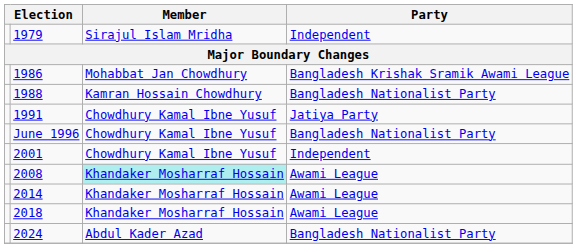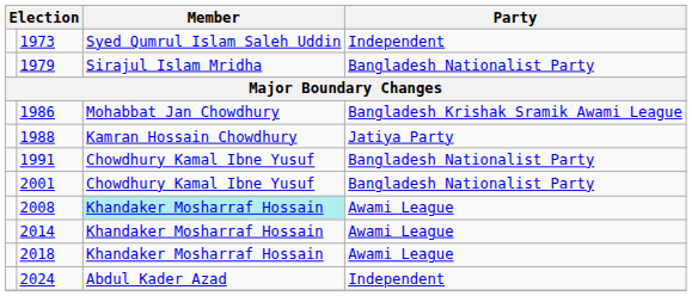 <table class="wikitable">
 <tr>
 <th colspan="2">Election</th>
 <th>Member</th>
 <th>Party</th>
 </tr>
 <tr>
 <td style="background-color:"></td>
+<td><a href='#'>1973</a></td>
+<td><a href='#'>Syed Qumrul Islam Saleh Uddin</a></td>
+<td><a href='#'>Independent</a></td>
+</tr>
+<tr>
+<td style="background-color:"></td>
 <td><a href='#'>1979</a></td>
 <td><a href='#'>Sirajul Islam Mridha</a></td>
-<td><a href='#'>Independent</a></td>
+<td><a href='#'>Bangladesh Nationalist Party</a></td>
 </tr>
 <tr>
 <th colspan="4">Major Boundary Changes</th>
 </tr>
 <tr>
 <td style="background-color:"></td>
 <td><a href='#'>1986</a></td>
 <td><a href='#'>Mohabbat Jan Chowdhury</a></td>
 <td><a href='#'>Bangladesh Krishak Sramik Awami League</a></td>
 </tr>
 <tr>
 <td style="background-color:"></td>
 <td><a href='#'>1988</a></td>
 <td><a href='#'>Kamran Hossain Chowdhury</a></td>
-<td><a href='#'>Bangladesh Nationalist Party</a></td>
+<td><a href='#'>Jatiya Party</a></td>
 </tr>
 <tr>
 <td style="background-color:"></td>
 <td><a href='#'>1991</a></td>
-<td><a href='#'>Chowdhury Kamal Ibne Yusuf</a></td>
-<td><a href='#'>Jatiya Party</a></td>
-</tr>
-<tr>
-<td style="background-color:"></td>
-<td><a href='#'>June 1996</a></td>
 <td><a href='#'>Chowdhury Kamal Ibne Yusuf</a></td>
 <td><a href='#'>Bangladesh Nationalist Party</a></td>
 </tr>
 <tr>
 <td style="background-color:"></td>
 <td><a href='#'>2001</a></td>
 <td><a href='#'>Chowdhury Kamal Ibne Yusuf</a></td>
-<td><a href='#'>Independent</a></td>
+<td><a href='#'>Bangladesh Nationalist Party</a></td>
 </tr>
 <tr>
 <td style="background-color:"></td>
 <td><a href='#'>2008</a></td>
 <td style="background: paleturquoise;"><a href='#'>Khandaker Mosharraf Hossain</a></td>
 <td><a href='#'>Awami League</a></td>
 </tr>
 <tr>
 <td style="background-color:"></td>
 <td><a href='#'>2014</a></td>
 <td><a href='#'>Khandaker Mosharraf Hossain</a></td>
 <td><a href='#'>Awami League</a></td>
 </tr>
 <tr>
 <td style="background-color:"></td>
 <td><a href='#'>2018</a></td>
 <td><a href='#'>Khandaker Mosharraf Hossain</a></td>
 <td><a href='#'>Awami League</a></td>
 </tr>
 <tr>
 <td style="background-color:"></td>
 <td><a href='#'>2024</a></td>
 <td><a href='#'>Abdul Kader Azad</a></td>
-<td><a href='#'>Bangladesh Nationalist Party</a></td>
+<td><a href='#'>Independent</a></td>
 </tr>
 <tr>
 </tr>
 </table>
